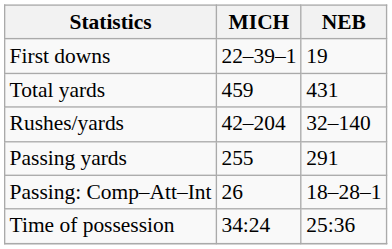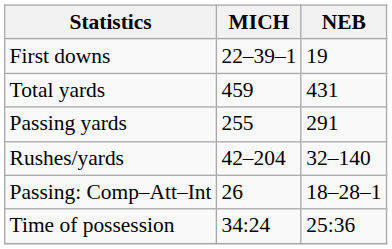 <table class="wikitable" style="float: left;">
 <tr>
 <th>Statistics</th>
 <th>MICH</th>
 <th>NEB</th>
 </tr>
 <tr>
 <td>First downs</td>
 <td>22–39–1</td>
 <td>19</td>
 </tr>
 <tr>
 <td>Total yards</td>
 <td>459</td>
 <td>431</td>
 </tr>
 <tr>
+<td>Passing yards</td>
+<td>255</td>
+<td>291</td>
+</tr>
+<tr>
 <td>Rushes/yards</td>
 <td>42–204</td>
 <td>32–140</td>
-</tr>
-<tr>
-<td>Passing yards</td>
-<td>255</td>
-<td>291</td>
 </tr>
 <tr>
 <td>Passing: Comp–Att–Int</td>
 <td>26</td>
 <td>18–28–1</td>
 </tr>
 <tr>
 <td>Time of possession</td>
 <td>34:24</td>
 <td>25:36</td>
 </tr>
 <tr>
 </tr>
 </table>
